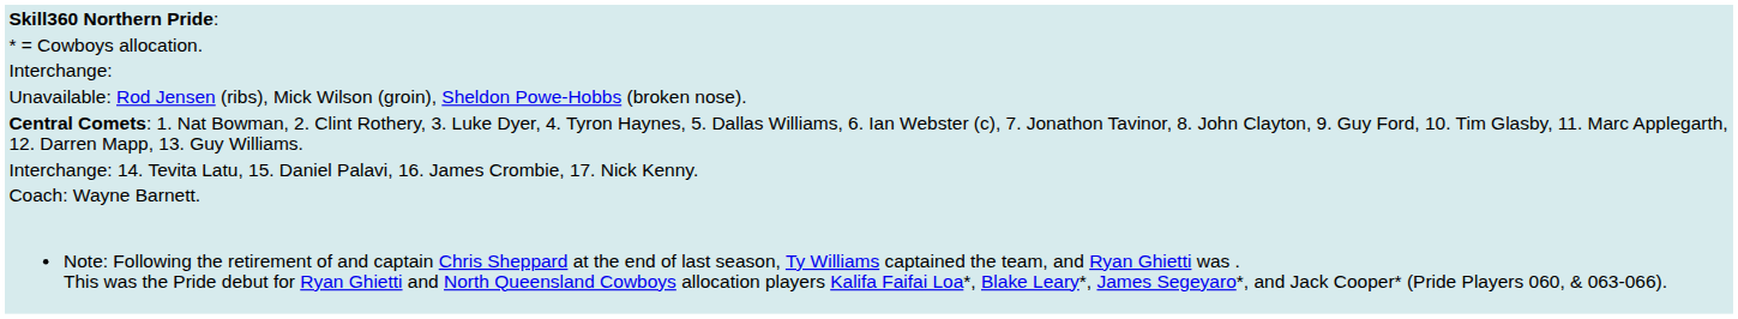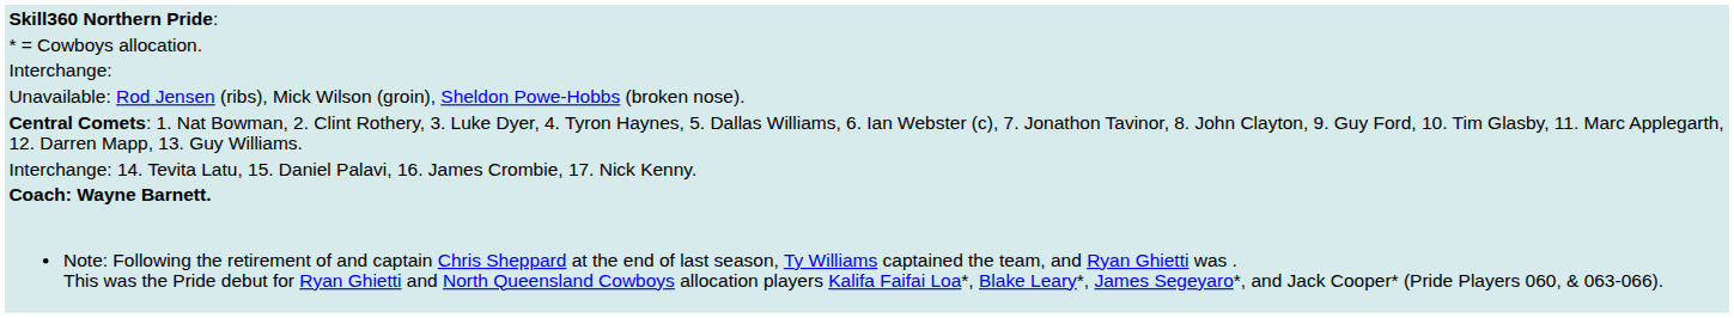 <table style="background:#d7ebed; font-size:85%; width:100%;">
 <tr>
 <td><strong>Skill360 Northern Pride</strong>:             </td>
 </tr>
 <tr>
 <td>* = Cowboys allocation.</td>
 </tr>
 <tr>
 <td>Interchange:    </td>
 </tr>
 <tr>
 <td>Unavailable: <a href='#'>Rod Jensen</a> (ribs), Mick Wilson (groin), <a href='#'>Sheldon Powe-Hobbs</a> (broken nose).</td>
 </tr>
 <tr>
 <td><strong>Central Comets</strong>: 1. Nat Bowman, 2. Clint Rothery, 3. Luke Dyer, 4. Tyron Haynes, 5. Dallas Williams, 6. Ian Webster (c), 7. Jonathon Tavinor, 8. John Clayton, 9. Guy Ford, 10. Tim Glasby, 11. Marc Applegarth, 12. Darren Mapp, 13. Guy Williams.</td>
 </tr>
 <tr>
 <td>Interchange: 14. Tevita Latu, 15. Daniel Palavi, 16. James Crombie, 17. Nick Kenny.</td>
 </tr>
 <tr>
-<td>Coach: Wayne Barnett.</td>
+<td><strong>Coach: Wayne Barnett.</strong></td>
 </tr>
 <tr>
 <td><br><ul><li>Note: Following the retirement of  and captain <a href='#'>Chris Sheppard</a> at the end of last season, <a href='#'>Ty Williams</a> captained the team, and <a href='#'>Ryan Ghietti</a> was .<br>This was the Pride debut for <a href='#'>Ryan Ghietti</a> and <a href='#'>North Queensland Cowboys</a> allocation players <a href='#'>Kalifa Faifai Loa</a>*, <a href='#'>Blake Leary</a>*, <a href='#'>James Segeyaro</a>*, and Jack Cooper* (Pride Players 060, & 063-066).</li></ul></td>
 </tr>
 </table>
